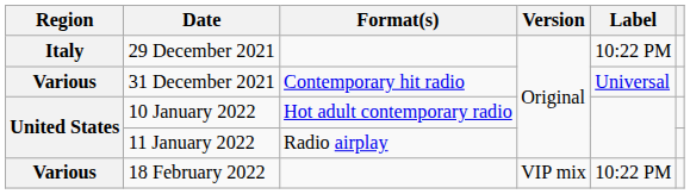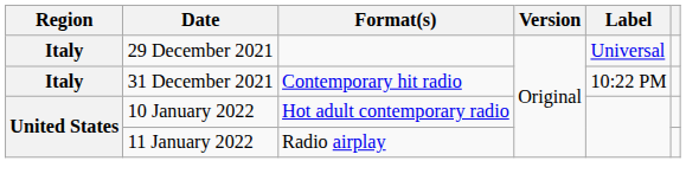 <table class="wikitable plainrowheaders">
 <tr>
 <th scope="col">Region</th>
 <th scope="col">Date</th>
 <th scope="col">Format(s)</th>
 <th scope="col">Version</th>
 <th scope="col">Label</th>
 <th scope="col"></th>
 </tr>
 <tr>
 <th scope="row">Italy</th>
 <td>29 December 2021</td>
 <td></td>
 <td rowspan="4">Original</td>
-<td>10:22 PM</td>
+<td><a href='#'>Universal</a></td>
 <td style="text-align:center;"></td>
 </tr>
 <tr>
-<th scope="row">Various</th>
+<th scope="row">Italy</th>
 <td>31 December 2021</td>
 <td><a href='#'>Contemporary hit radio</a></td>
-<td><a href='#'>Universal</a></td>
+<td>10:22 PM</td>
 <td style="text-align:center;"></td>
 </tr>
 <tr>
 <th scope="row" rowspan="2">United States</th>
 <td>10 January 2022</td>
 <td><a href='#'>Hot adult contemporary radio</a></td>
 <td rowspan="2'"></td>
 <td style="text-align:center;"></td>
 </tr>
 <tr>
 <td>11 January 2022</td>
 <td>Radio <a href='#'>airplay</a></td>
 <td style="text-align:center;"></td>
 </tr>
-<tr>
-<th scope="row">Various</th>
-<td>18 February 2022</td>
-<td></td>
-<td>VIP mix</td>
-<td>10:22 PM</td>
-<td style="text-align:center;"></td>
-</tr>
 </table>
